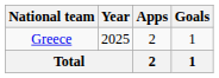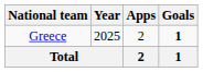 <table class=wikitable style=text-align:center>
 <tr>
 <th>National team</th>
 <th>Year</th>
 <th>Apps</th>
 <th>Goals</th>
 </tr>
 <tr>
 <td rowspan="1"><a href='#'>Greece</a></td>
 <td>2025</td>
 <td>2</td>
-<td>1</td>
+<td><strong>1</strong></td>
 </tr>
 <tr>
 <th colspan="2">Total</th>
 <th>2</th>
 <th>1</th>
 </tr>
 </table>
